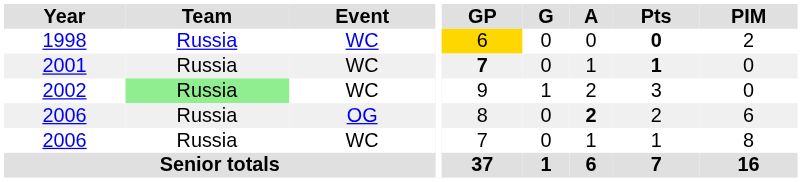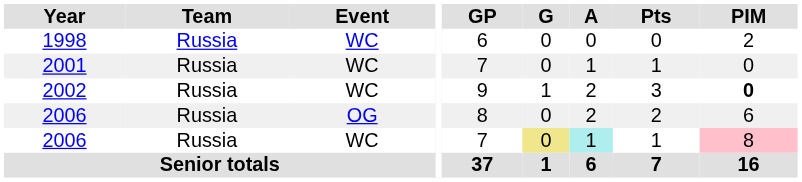 <table border="0" cellpadding="1" cellspacing="0" ID="Table3" style="text-align:center; width:40em">
 <tr ALIGN="center" bgcolor="#e0e0e0">
 <th>Year</th>
 <th>Team</th>
 <th>Event</th>
 <th rowspan="99" bgcolor="#ffffff"></th>
 <th>GP</th>
 <th>G</th>
 <th>A</th>
 <th>Pts</th>
 <th>PIM</th>
 </tr>
 <tr>
 <td><a href='#'>1998</a></td>
 <td><a href='#'>Russia</a></td>
 <td><a href='#'>WC</a></td>
-<td style="background: gold;">6</td>
+<td>6</td>
 <td>0</td>
 <td>0</td>
-<td><strong>0</strong></td>
+<td>0</td>
 <td>2</td>
 </tr>
 <tr bgcolor="#f0f0f0">
 <td><a href='#'>2001</a></td>
 <td>Russia</td>
 <td>WC</td>
-<td><strong>7</strong></td>
+<td>7</td>
 <td>0</td>
 <td>1</td>
-<td><strong>1</strong></td>
+<td>1</td>
 <td>0</td>
 </tr>
 <tr>
 <td><a href='#'>2002</a></td>
-<td style="background: lightgreen;">Russia</td>
+<td>Russia</td>
 <td>WC</td>
 <td>9</td>
 <td>1</td>
 <td>2</td>
 <td>3</td>
-<td>0</td>
+<td><strong>0</strong></td>
 </tr>
 <tr bgcolor="#f0f0f0">
 <td><a href='#'>2006</a></td>
 <td>Russia</td>
 <td><a href='#'>OG</a></td>
 <td>8</td>
 <td>0</td>
-<td><strong>2</strong></td>
+<td>2</td>
 <td>2</td>
 <td>6</td>
 </tr>
 <tr>
 <td><a href='#'>2006</a></td>
 <td>Russia</td>
 <td>WC</td>
 <td>7</td>
-<td>0</td>
+<td style="background: khaki;">0</td>
+<td style="background: paleturquoise;">1</td>
 <td>1</td>
-<td>1</td>
-<td>8</td>
+<td style="background: pink;">8</td>
 </tr>
 <tr bgcolor="#e0e0e0">
 <th colspan=3>Senior totals</th>
 <th>37</th>
 <th>1</th>
 <th>6</th>
 <th>7</th>
 <th>16</th>
 </tr>
 </table>
